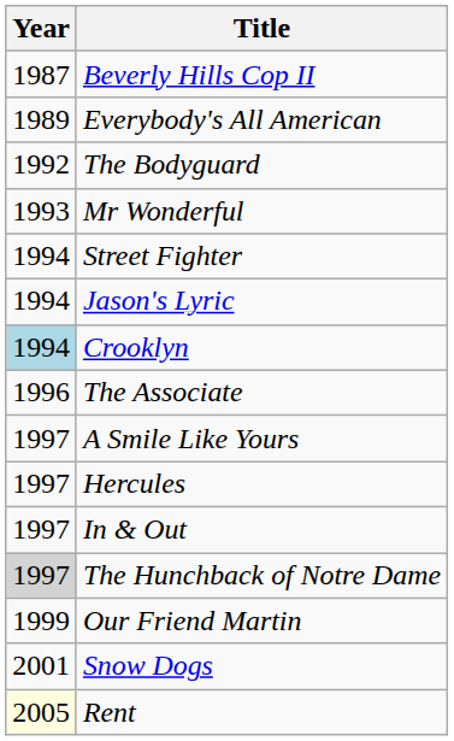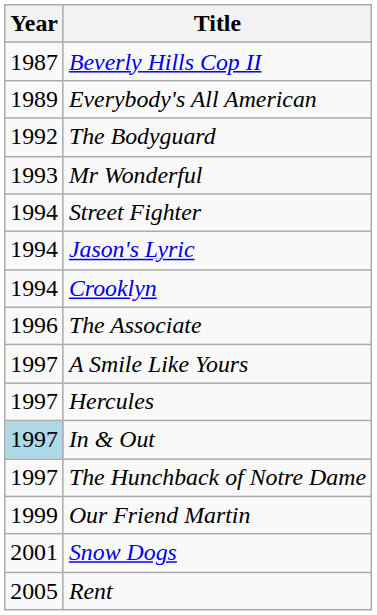 <table class="wikitable">
 <tr>
 <th align="left" valign="top">Year</th>
 <th align="left" valign="top">Title</th>
 </tr>
 <tr>
 <td align="left" valign="top">1987</td>
 <td align="left" valign="top"><em><a href='#'>Beverly Hills Cop II</a></em></td>
 </tr>
 <tr>
 <td align="left" valign="top">1989</td>
 <td align="left" valign="top"><em>Everybody's All American</em></td>
 </tr>
 <tr>
 <td align="left" valign="top">1992</td>
 <td align="left" valign="top"><em>The Bodyguard</em></td>
 </tr>
 <tr>
 <td align="left" valign="top">1993</td>
 <td align="left" valign="top"><em>Mr Wonderful</em></td>
 </tr>
 <tr>
 <td align="left" valign="top">1994</td>
 <td align="left" valign="top"><em>Street Fighter</em></td>
 </tr>
 <tr>
 <td align="left" valign="top">1994</td>
 <td align="left" valign="top"><em><a href='#'>Jason's Lyric</a></em></td>
 </tr>
 <tr>
-<td align="left" valign="top" style="background: lightblue;">1994</td>
+<td align="left" valign="top">1994</td>
 <td align="left" valign="top"><em><a href='#'>Crooklyn</a></em></td>
 </tr>
 <tr>
 <td align="left" valign="top">1996</td>
 <td align="left" valign="top"><em>The Associate</em></td>
 </tr>
 <tr>
 <td align="left" valign="top">1997</td>
 <td align="left" valign="top"><em>A Smile Like Yours</em></td>
 </tr>
 <tr>
 <td align="left" valign="top">1997</td>
 <td align="left" valign="top"><em>Hercules</em></td>
 </tr>
 <tr>
-<td align="left" valign="top">1997</td>
+<td align="left" valign="top" style="background: lightblue;">1997</td>
 <td align="left" valign="top"><em>In & Out</em></td>
 </tr>
 <tr>
-<td align="left" valign="top" style="background: lightgrey;">1997</td>
+<td align="left" valign="top">1997</td>
 <td align="left" valign="top"><em>The Hunchback of Notre Dame</em></td>
 </tr>
 <tr>
 <td align="left" valign="top">1999</td>
 <td align="left" valign="top"><em>Our Friend Martin</em></td>
 </tr>
 <tr>
 <td align="left" valign="top">2001</td>
 <td align="left" valign="top"><em><a href='#'>Snow Dogs</a></em></td>
 </tr>
 <tr>
-<td align="left" valign="top" style="background: lightyellow;">2005</td>
+<td align="left" valign="top">2005</td>
 <td align="left" valign="top"><em>Rent</em></td>
 </tr>
 </table>
